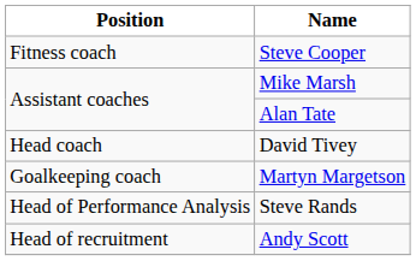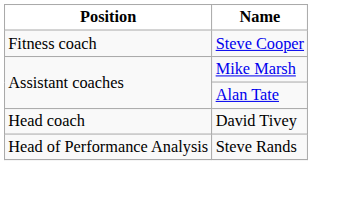 <table class="wikitable" style="text-align: left">
 <tr>
 <th style="background:white; color:black;">Position</th>
 <th style="background:white; color:black;">Name</th>
 </tr>
 <tr>
 <td>Fitness coach</td>
 <td> <a href='#'>Steve Cooper</a></td>
 </tr>
 <tr>
 <td rowspan="2">Assistant coaches</td>
 <td> <a href='#'>Mike Marsh</a></td>
 </tr>
 <tr>
 <td> <a href='#'>Alan Tate</a></td>
 </tr>
 <tr>
 <td>Head coach</td>
 <td> David Tivey</td>
 </tr>
 <tr>
-<td>Goalkeeping coach</td>
-<td> <a href='#'>Martyn Margetson</a></td>
-</tr>
-<tr>
 <td>Head of Performance Analysis</td>
 <td> Steve Rands</td>
 </tr>
 <tr>
-<td>Head of recruitment</td>
-<td> <a href='#'>Andy Scott</a></td>
-</tr>
-<tr>
 </tr>
 </table>
